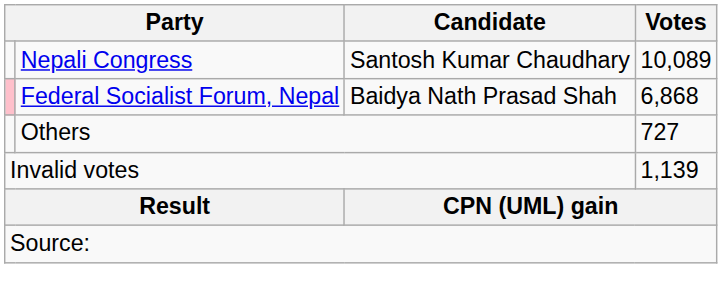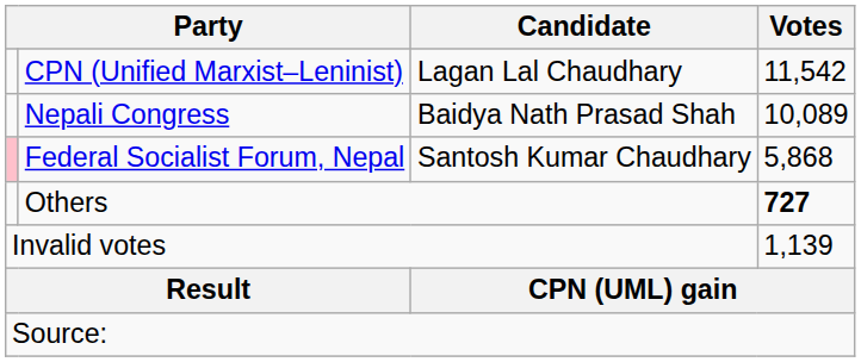 <table class="wikitable">
 <tr>
 <th colspan="2">Party</th>
 <th>Candidate</th>
 <th>Votes</th>
 </tr>
 <tr>
 <td style="background-color:"></td>
+<td><a href='#'>CPN (Unified Marxist–Leninist)</a></td>
+<td>Lagan Lal Chaudhary</td>
+<td>11,542</td>
+</tr>
+<tr>
+<td style="background-color:"></td>
 <td><a href='#'>Nepali Congress</a></td>
-<td>Santosh Kumar Chaudhary</td>
+<td>Baidya Nath Prasad Shah</td>
 <td>10,089</td>
 </tr>
 <tr>
 <td style="background-color:pink"></td>
 <td><a href='#'>Federal Socialist Forum, Nepal</a></td>
-<td>Baidya Nath Prasad Shah</td>
-<td>6,868</td>
+<td>Santosh Kumar Chaudhary</td>
+<td>5,868</td>
 </tr>
 <tr>
 <td></td>
 <td colspan="2">Others</td>
-<td>727</td>
+<td><strong>727</strong></td>
 </tr>
 <tr>
 <td colspan="3">Invalid votes</td>
 <td>1,139</td>
 </tr>
 <tr>
 <th colspan="2">Result</th>
 <th colspan="2">CPN (UML) gain</th>
 </tr>
 <tr>
 <td colspan="4">Source: </td>
 </tr>
 </table>
